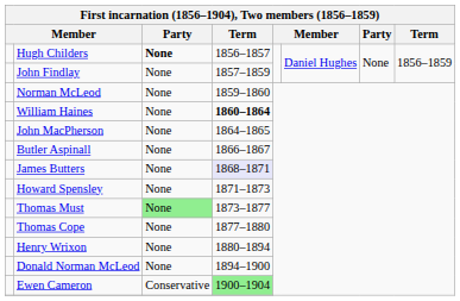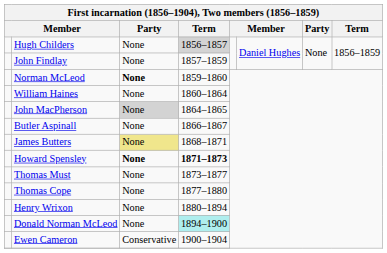 <table class="wikitable">
 <tr>
 <th colspan="8">First incarnation (1856–1904), Two members (1856–1859)</th>
 </tr>
 <tr>
 <th colspan="2">Member</th>
 <th>Party</th>
 <th>Term</th>
 <th colspan="2">Member</th>
 <th>Party</th>
 <th>Term</th>
 </tr>
 <tr>
 <td> </td>
 <td><a href='#'>Hugh Childers</a></td>
-<td><strong>None</strong></td>
-<td>1856–1857</td>
+<td>None</td>
+<td style="background: lightgrey;">1856–1857</td>
 <td rowspan="2" > </td>
 <td rowspan="2"><a href='#'>Daniel Hughes</a></td>
 <td rowspan="2">None</td>
 <td rowspan="2">1856–1859</td>
 </tr>
 <tr>
 <td> </td>
 <td><a href='#'>John Findlay</a></td>
 <td>None</td>
 <td>1857–1859</td>
 </tr>
 <tr>
 <td> </td>
 <td><a href='#'>Norman McLeod</a></td>
-<td>None</td>
+<td><strong>None</strong></td>
 <td>1859–1860</td>
 </tr>
 <tr>
 <td> </td>
 <td><a href='#'>William Haines</a></td>
 <td>None</td>
-<td><strong>1860–1864</strong></td>
+<td>1860–1864</td>
 </tr>
 <tr>
 <td> </td>
 <td><a href='#'>John MacPherson</a></td>
-<td>None</td>
+<td style="background: lightgrey;">None</td>
 <td>1864–1865</td>
 </tr>
 <tr>
 <td> </td>
 <td><a href='#'>Butler Aspinall</a></td>
 <td>None</td>
 <td>1866–1867</td>
 </tr>
 <tr>
 <td> </td>
 <td><a href='#'>James Butters</a></td>
-<td>None</td>
-<td style="background: lavender;">1868–1871</td>
+<td style="background: khaki;">None</td>
+<td>1868–1871</td>
 </tr>
 <tr>
 <td> </td>
 <td><a href='#'>Howard Spensley</a></td>
-<td>None</td>
-<td>1871–1873</td>
+<td><strong>None</strong></td>
+<td><strong>1871–1873</strong></td>
 </tr>
 <tr>
 <td> </td>
 <td><a href='#'>Thomas Must</a></td>
-<td style="background: lightgreen;">None</td>
+<td>None</td>
 <td>1873–1877</td>
 </tr>
 <tr>
 <td> </td>
 <td><a href='#'>Thomas Cope</a></td>
 <td>None</td>
 <td>1877–1880</td>
 </tr>
 <tr>
 <td> </td>
 <td><a href='#'>Henry Wrixon</a></td>
 <td>None</td>
 <td>1880–1894</td>
 </tr>
 <tr>
 <td> </td>
 <td><a href='#'>Donald Norman McLeod</a></td>
 <td>None</td>
-<td>1894–1900</td>
+<td style="background: paleturquoise;">1894–1900</td>
 </tr>
 <tr>
 <td> </td>
 <td><a href='#'>Ewen Cameron</a></td>
 <td>Conservative</td>
-<td style="background: lightgreen;">1900–1904</td>
+<td>1900–1904</td>
 </tr>
 <tr>
 </tr>
 </table>
